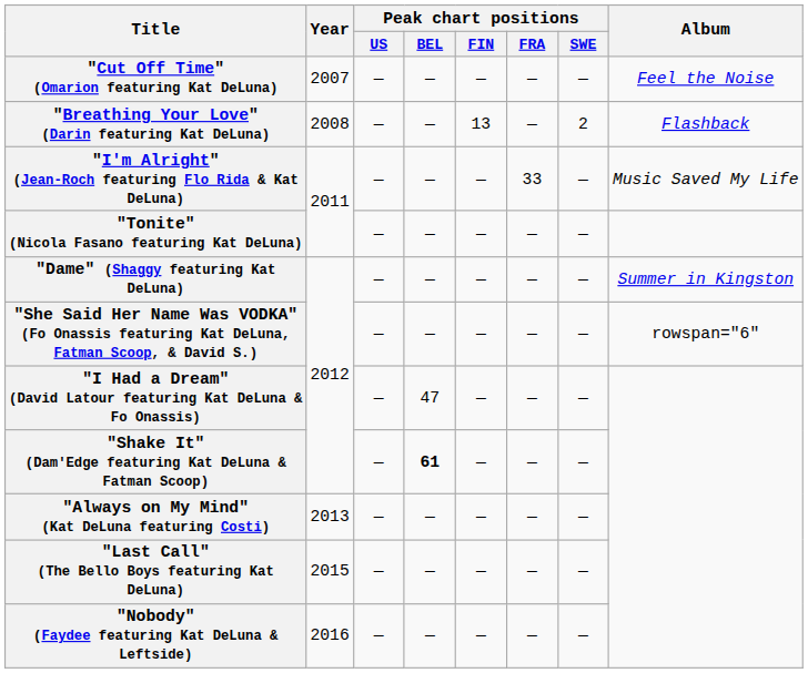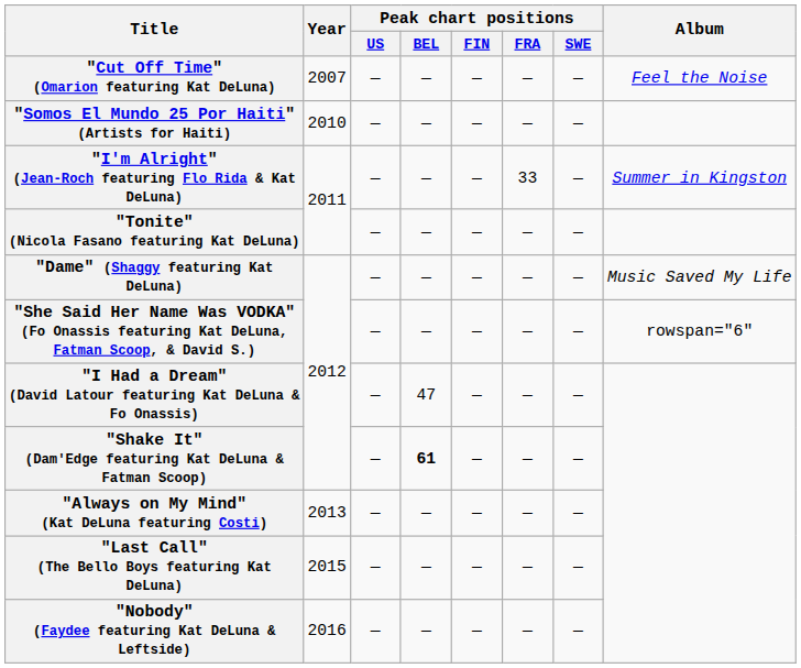 <table class="wikitable plainrowheaders" style="text-align:center;" border="1">
 <tr>
 <th scope="col" rowspan="2" style="width:18em;">Title</th>
 <th scope="col" rowspan="2">Year</th>
 <th scope="col" colspan="5">Peak chart positions</th>
 <th scope="col" rowspan="2">Album</th>
 </tr>
 <tr>
 <th scope="col" style="width:3em;font-size:90%;"><a href='#'>US</a></th>
 <th scope="col" style="width:3em;font-size:90%;"><a href='#'>BEL</a><br></th>
 <th scope="col" style="width:3em;font-size:90%;"><a href='#'>FIN</a><br></th>
 <th scope="col" style="width:3em;font-size:90%;"><a href='#'>FRA</a><br></th>
 <th scope="col" style="width:3em;font-size:90%;"><a href='#'>SWE</a><br></th>
 </tr>
 <tr>
 <th scope="row">"<a href='#'>Cut Off Time</a>" <br><small>(<a href='#'>Omarion</a> featuring Kat DeLuna)</small></th>
 <td>2007</td>
 <td>—</td>
 <td>—</td>
 <td>—</td>
 <td>—</td>
 <td>—</td>
 <td><em><a href='#'>Feel the Noise</a></em></td>
 </tr>
 <tr>
-<th scope="row">"<a href='#'>Breathing Your Love</a>"<br><small>(<a href='#'>Darin</a> featuring Kat DeLuna)</small></th>
-<td>2008</td>
+<th scope="row">"<a href='#'>Somos El Mundo 25 Por Haiti</a>"<br><small>(Artists for Haiti)</small></th>
+<td>2010</td>
 <td>—</td>
 <td>—</td>
-<td>13</td>
 <td>—</td>
-<td>2</td>
-<td><em><a href='#'>Flashback</a></em></td>
+<td>—</td>
+<td>—</td>
+<td></td>
 </tr>
 <tr>
 <th scope="row">"<a href='#'>I'm Alright</a>"<br><small>(<a href='#'>Jean-Roch</a> featuring <a href='#'>Flo Rida</a> & Kat DeLuna)</small></th>
 <td rowspan="2">2011</td>
 <td>—</td>
 <td>—</td>
 <td>—</td>
 <td>33</td>
 <td>—</td>
-<td><em>Music Saved My Life</em></td>
+<td><em><a href='#'>Summer in Kingston</a></em></td>
 </tr>
 <tr>
 <th scope="row">"Tonite" <br><small>(Nicola Fasano featuring Kat DeLuna)</small></th>
 <td>—</td>
 <td>—</td>
 <td>—</td>
 <td>—</td>
 <td>—</td>
 <td></td>
 </tr>
 <tr>
 <th scope="row">"Dame" <small>(<a href='#'>Shaggy</a> featuring Kat DeLuna)</small></th>
 <td rowspan="4">2012</td>
 <td>—</td>
 <td>—</td>
 <td>—</td>
 <td>—</td>
 <td>—</td>
-<td><em><a href='#'>Summer in Kingston</a></em></td>
+<td><em>Music Saved My Life</em></td>
 </tr>
 <tr>
 <th scope="row">"She Said Her Name Was VODKA"<br><small>(Fo Onassis featuring Kat DeLuna, <a href='#'>Fatman Scoop</a>, & David S.)</small></th>
 <td>—</td>
 <td>—</td>
 <td>—</td>
 <td>—</td>
 <td>—</td>
 <td>rowspan="6" </td>
 </tr>
 <tr>
 <th scope="row">"I Had a Dream"<br><small>(David Latour featuring Kat DeLuna & Fo Onassis)</small></th>
 <td>—</td>
 <td>47</td>
 <td>—</td>
 <td>—</td>
 <td>—</td>
 </tr>
 <tr>
 <th scope="row">"Shake It" <br><small>(Dam'Edge featuring Kat DeLuna & Fatman Scoop)</small></th>
 <td>—</td>
 <td><strong>61</strong></td>
 <td>—</td>
 <td>—</td>
 <td>—</td>
 </tr>
 <tr>
 <th scope="row">"Always on My Mind" <br><small>(Kat DeLuna featuring <a href='#'>Costi</a>)</small></th>
 <td>2013</td>
 <td>—</td>
 <td>—</td>
 <td>—</td>
 <td>—</td>
 <td>—</td>
 </tr>
 <tr>
 <th scope="row">"Last Call"<br><small>(The Bello Boys featuring Kat DeLuna)</small></th>
 <td>2015</td>
 <td>—</td>
 <td>—</td>
 <td>—</td>
 <td>—</td>
 <td>—</td>
 </tr>
 <tr>
 <th scope="row">"Nobody"<br><small>(<a href='#'>Faydee</a> featuring Kat DeLuna & Leftside)</small></th>
 <td>2016</td>
 <td>—</td>
 <td>—</td>
 <td>—</td>
 <td>—</td>
 <td>—</td>
 </tr>
 </table>
